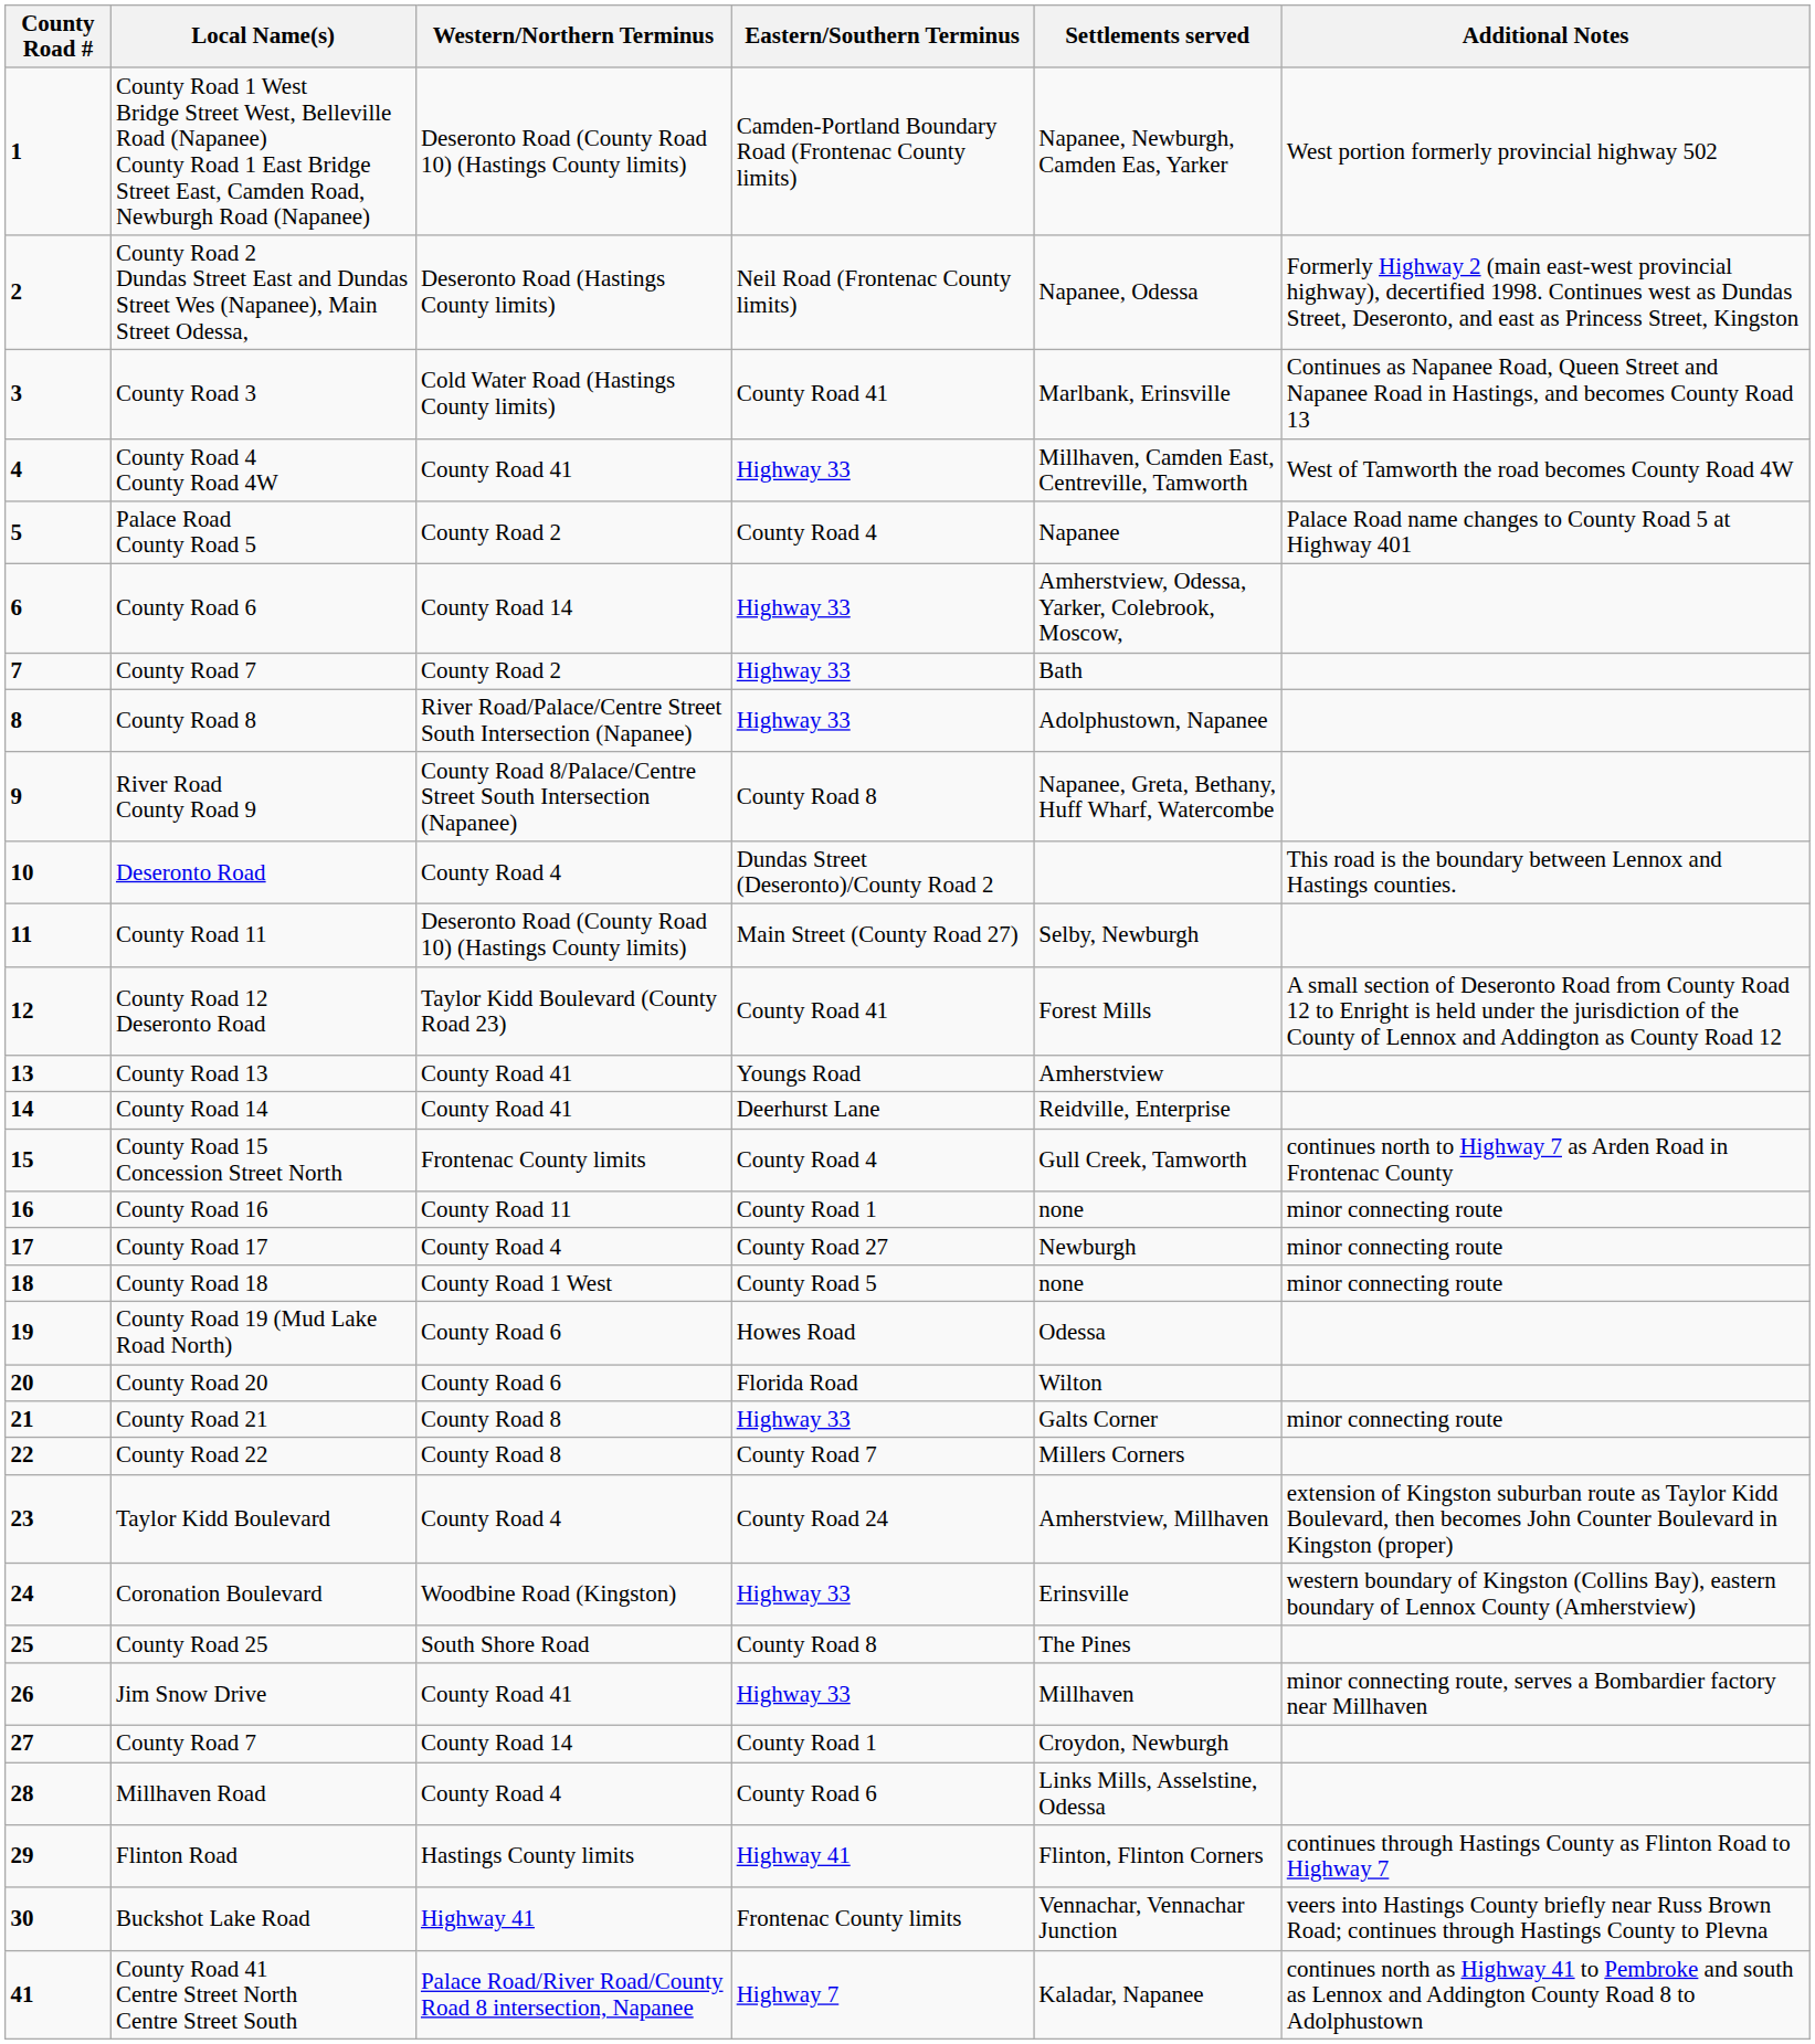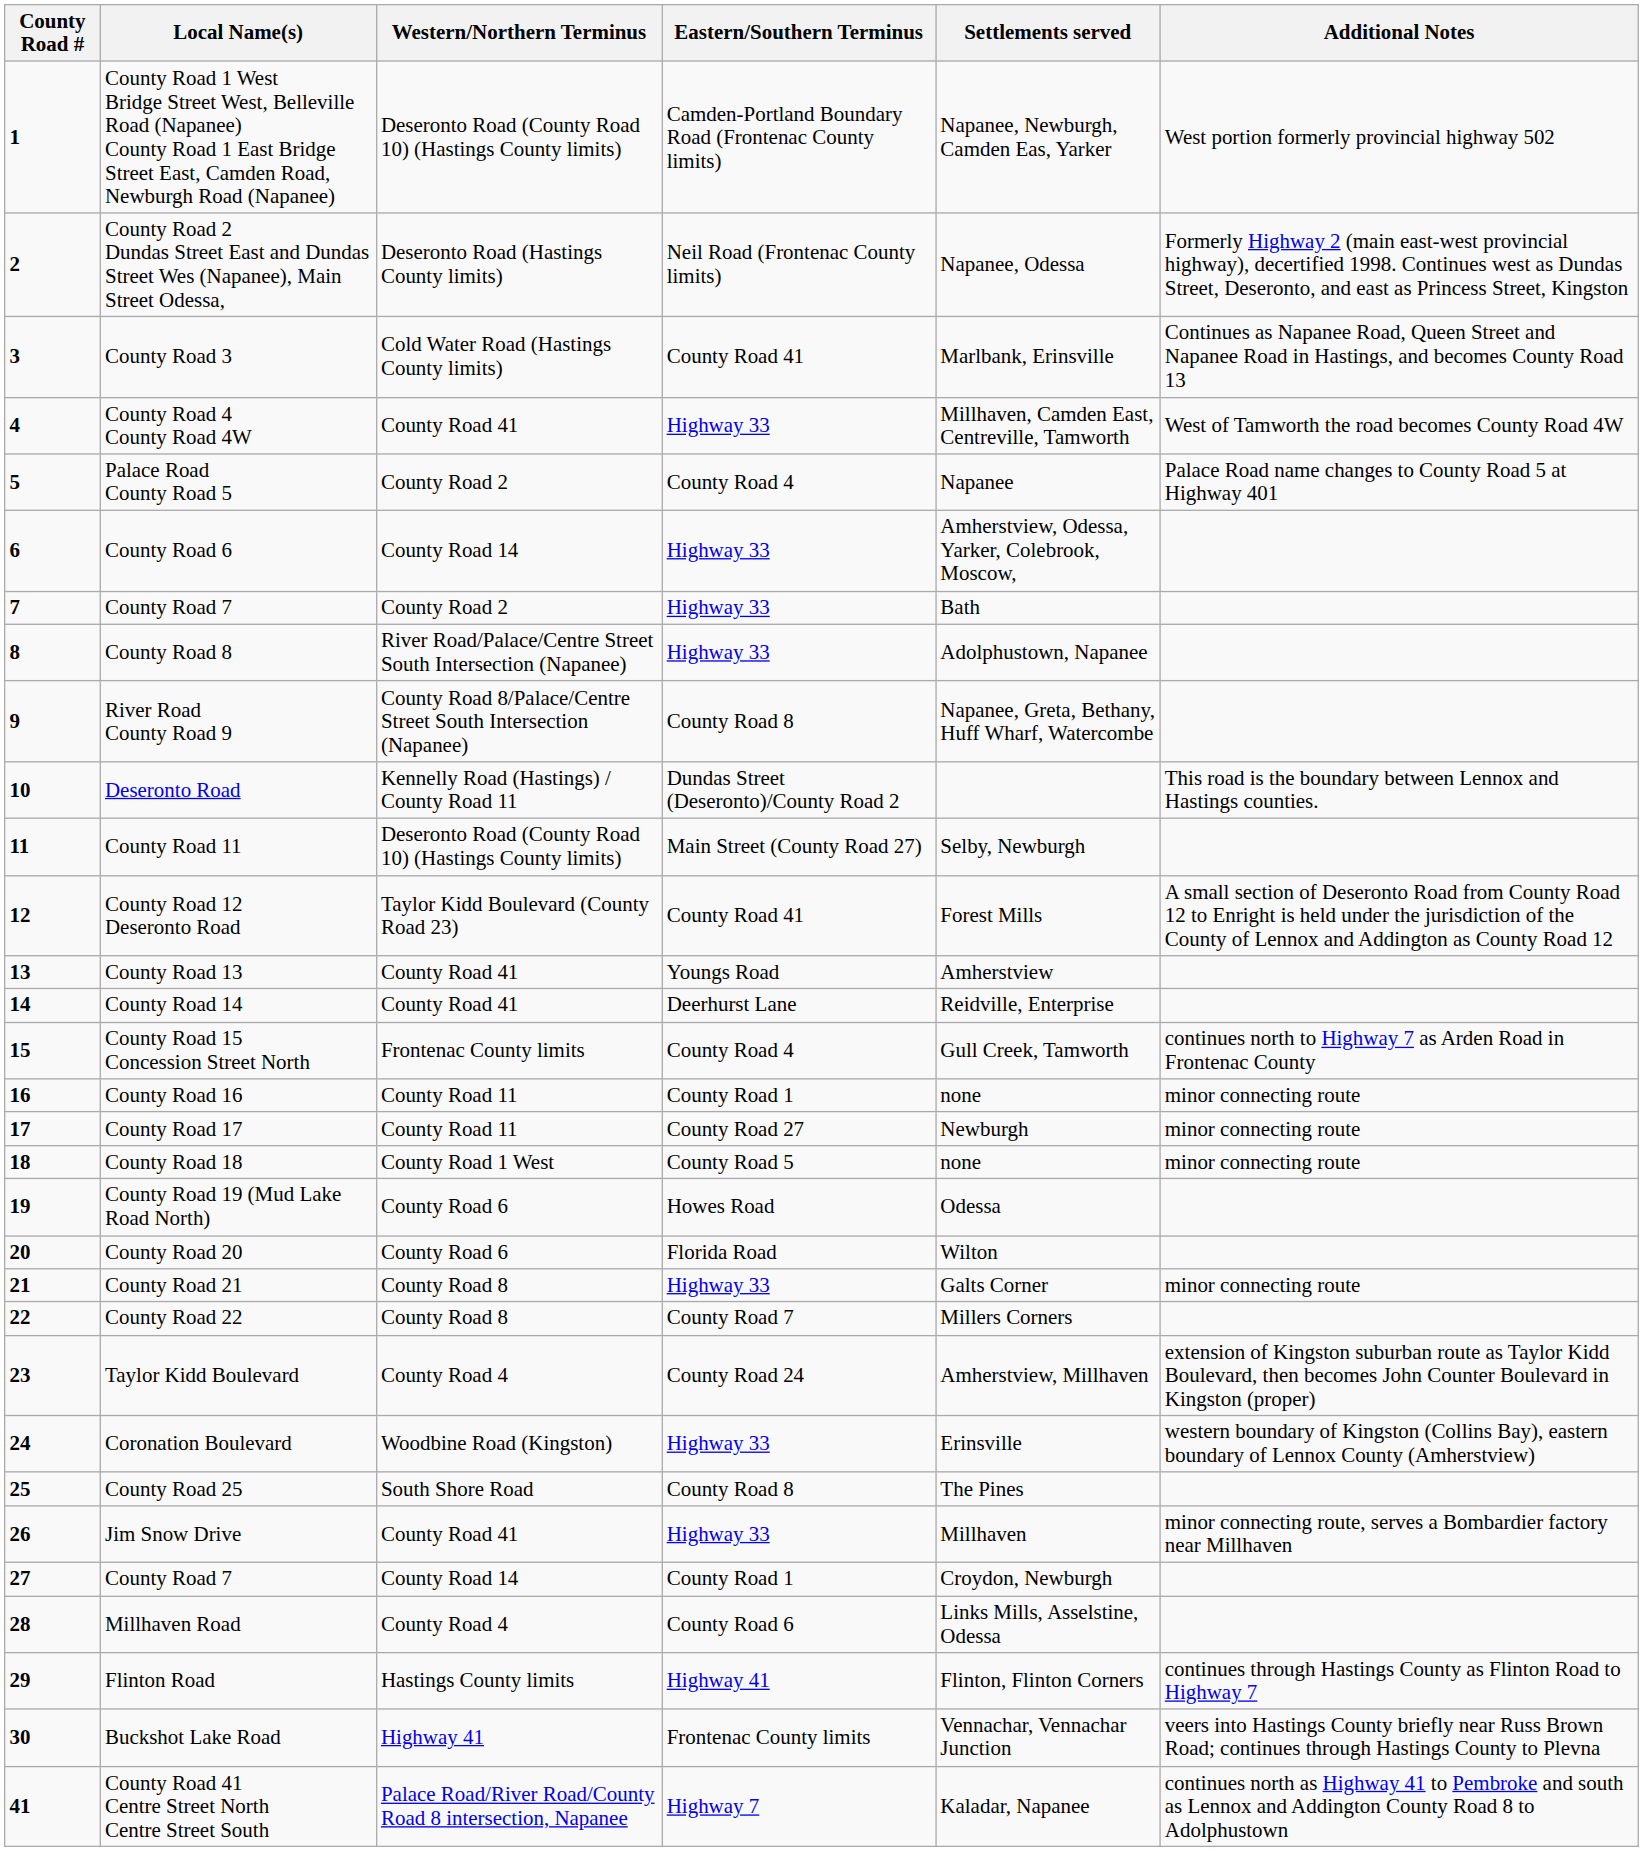 <table class="wikitable">
 <tr>
 <th>County Road #</th>
 <th>Local Name(s)</th>
 <th>Western/Northern Terminus</th>
 <th>Eastern/Southern Terminus</th>
 <th>Settlements served</th>
 <th>Additional Notes</th>
 </tr>
 <tr>
 <td><strong>1</strong></td>
 <td>County Road 1 West<br>Bridge Street West, Belleville Road (Napanee)<br> County Road 1 East Bridge Street East, Camden Road, Newburgh Road (Napanee) <br></td>
 <td>Deseronto Road (County Road 10) (Hastings County limits)</td>
 <td>Camden-Portland Boundary Road (Frontenac County limits)</td>
 <td>Napanee, Newburgh, Camden Eas, Yarker</td>
 <td>West portion formerly provincial highway 502</td>
 </tr>
 <tr>
 <td><strong>2</strong></td>
 <td>County Road 2<br>Dundas Street East and Dundas Street Wes (Napanee), Main Street Odessa,</td>
 <td>Deseronto Road (Hastings County limits)</td>
 <td>Neil Road (Frontenac County limits)</td>
 <td>Napanee, Odessa</td>
 <td>Formerly <a href='#'>Highway 2</a> (main east-west provincial highway), decertified 1998. Continues west as Dundas Street, Deseronto, and east as Princess Street, Kingston</td>
 </tr>
 <tr>
 <td><strong>3</strong></td>
 <td>County Road 3</td>
 <td>Cold Water Road (Hastings County limits)</td>
 <td>County Road 41</td>
 <td>Marlbank, Erinsville</td>
 <td>Continues as Napanee Road, Queen Street and Napanee Road in Hastings, and becomes County Road 13</td>
 </tr>
 <tr>
 <td><strong>4</strong></td>
 <td>County Road 4 <br>County Road 4W</td>
 <td>County Road 41</td>
 <td><a href='#'>Highway 33</a></td>
 <td>Millhaven, Camden East, Centreville, Tamworth</td>
 <td>West of Tamworth the road becomes County Road 4W</td>
 </tr>
 <tr>
 <td><strong>5</strong></td>
 <td>Palace Road <br>County Road 5</td>
 <td>County Road 2</td>
 <td>County Road 4</td>
 <td>Napanee</td>
 <td>Palace Road name changes to County Road 5 at Highway 401</td>
 </tr>
 <tr>
 <td><strong>6</strong></td>
 <td>County Road 6</td>
 <td>County Road 14</td>
 <td><a href='#'>Highway 33</a></td>
 <td>Amherstview, Odessa, Yarker, Colebrook, Moscow,</td>
 <td></td>
 </tr>
 <tr>
 <td><strong>7</strong></td>
 <td>County Road 7</td>
 <td>County Road 2</td>
 <td><a href='#'>Highway 33</a></td>
 <td>Bath</td>
 <td></td>
 </tr>
 <tr>
 <td><strong>8</strong></td>
 <td>County Road 8</td>
 <td>River Road/Palace/Centre Street South Intersection (Napanee)</td>
 <td><a href='#'>Highway 33</a></td>
 <td>Adolphustown, Napanee</td>
 <td></td>
 </tr>
 <tr>
 <td><strong>9</strong></td>
 <td>River Road <br>County Road 9</td>
 <td>County Road 8/Palace/Centre Street South Intersection (Napanee)</td>
 <td>County Road 8</td>
 <td>Napanee, Greta, Bethany, Huff Wharf, Watercombe</td>
 <td></td>
 </tr>
 <tr>
 <td><strong>10</strong></td>
 <td><a href='#'>Deseronto Road</a></td>
-<td>County Road 4</td>
+<td>Kennelly Road (Hastings) / County Road 11</td>
 <td>Dundas Street (Deseronto)/County Road 2</td>
 <td></td>
 <td>This road is the boundary between Lennox and Hastings counties.</td>
 </tr>
 <tr>
 <td><strong>11</strong></td>
 <td>County Road 11</td>
 <td>Deseronto Road (County Road 10) (Hastings County limits)</td>
 <td>Main Street (County Road 27)</td>
 <td>Selby, Newburgh</td>
 <td></td>
 </tr>
 <tr>
 <td><strong>12</strong></td>
 <td>County Road 12<br>Deseronto Road</td>
 <td>Taylor Kidd Boulevard (County Road 23)</td>
 <td>County Road 41</td>
 <td>Forest Mills</td>
 <td>A small section of Deseronto Road from County Road 12 to Enright is held under the jurisdiction of the County of Lennox and Addington as County Road 12</td>
 </tr>
 <tr>
 <td><strong>13</strong></td>
 <td>County Road 13</td>
 <td>County Road 41</td>
 <td>Youngs Road</td>
 <td>Amherstview</td>
 <td></td>
 </tr>
 <tr>
 <td><strong>14</strong></td>
 <td>County Road 14</td>
 <td>County Road 41</td>
 <td>Deerhurst Lane</td>
 <td>Reidville, Enterprise</td>
 <td></td>
 </tr>
 <tr>
 <td><strong>15</strong></td>
 <td>County Road 15<br>Concession Street North</td>
 <td>Frontenac County limits</td>
 <td>County Road 4</td>
 <td>Gull Creek, Tamworth</td>
 <td>continues north to <a href='#'>Highway 7</a> as Arden Road in Frontenac County</td>
 </tr>
 <tr>
 <td><strong>16</strong></td>
 <td>County Road 16</td>
 <td>County Road 11</td>
 <td>County Road 1</td>
 <td>none</td>
 <td>minor connecting route</td>
 </tr>
 <tr>
 <td><strong>17</strong></td>
 <td>County Road 17</td>
-<td>County Road 4</td>
+<td>County Road 11</td>
 <td>County Road 27</td>
 <td>Newburgh</td>
 <td>minor connecting route</td>
 </tr>
 <tr>
 <td><strong>18</strong></td>
 <td>County Road 18</td>
 <td>County Road 1 West</td>
 <td>County Road 5</td>
 <td>none</td>
 <td>minor connecting route</td>
 </tr>
 <tr>
 <td><strong>19</strong></td>
 <td>County Road 19 (Mud Lake Road North)</td>
 <td>County Road 6</td>
 <td>Howes Road</td>
 <td>Odessa</td>
 <td></td>
 </tr>
 <tr>
 <td><strong>20</strong></td>
 <td>County Road 20</td>
 <td>County Road 6</td>
 <td>Florida Road</td>
 <td>Wilton</td>
 <td></td>
 </tr>
 <tr>
 <td><strong>21</strong></td>
 <td>County Road 21</td>
 <td>County Road 8</td>
 <td><a href='#'>Highway 33</a></td>
 <td>Galts Corner</td>
 <td>minor connecting route</td>
 </tr>
 <tr>
 <td><strong>22</strong></td>
 <td>County Road 22</td>
 <td>County Road 8</td>
 <td>County Road 7</td>
 <td>Millers Corners</td>
 <td></td>
 </tr>
 <tr>
 <td><strong>23</strong></td>
 <td>Taylor Kidd Boulevard</td>
 <td>County Road 4</td>
 <td>County Road 24</td>
 <td>Amherstview, Millhaven</td>
 <td>extension of Kingston suburban route as Taylor Kidd Boulevard, then becomes John Counter Boulevard in Kingston (proper)</td>
 </tr>
 <tr>
 <td><strong>24</strong></td>
 <td>Coronation Boulevard</td>
 <td>Woodbine Road (Kingston)</td>
 <td><a href='#'>Highway 33</a></td>
 <td>Erinsville</td>
 <td>western boundary of Kingston (Collins Bay), eastern boundary of Lennox County (Amherstview)</td>
 </tr>
 <tr>
 <td><strong>25</strong></td>
 <td>County Road 25</td>
 <td>South Shore Road</td>
 <td>County Road 8</td>
 <td>The Pines</td>
 <td></td>
 </tr>
 <tr>
 <td><strong>26</strong></td>
 <td>Jim Snow Drive</td>
 <td>County Road 41</td>
 <td><a href='#'>Highway 33</a></td>
 <td>Millhaven</td>
 <td>minor connecting route, serves a Bombardier factory near Millhaven</td>
 </tr>
 <tr>
 <td><strong>27</strong></td>
 <td>County Road 7</td>
 <td>County Road 14</td>
 <td>County Road 1</td>
 <td>Croydon, Newburgh</td>
 <td></td>
 </tr>
 <tr>
 <td><strong>28</strong></td>
 <td>Millhaven Road</td>
 <td>County Road 4</td>
 <td>County Road 6</td>
 <td>Links Mills, Asselstine, Odessa</td>
 <td></td>
 </tr>
 <tr>
 <td><strong>29</strong></td>
 <td>Flinton Road</td>
 <td>Hastings County limits</td>
 <td><a href='#'>Highway 41</a></td>
 <td>Flinton, Flinton Corners</td>
 <td>continues through Hastings County as Flinton Road to <a href='#'>Highway 7</a></td>
 </tr>
 <tr>
 <td><strong>30</strong></td>
 <td>Buckshot Lake Road</td>
 <td><a href='#'>Highway 41</a></td>
 <td>Frontenac County limits</td>
 <td>Vennachar, Vennachar Junction</td>
 <td>veers into Hastings County briefly near Russ Brown Road; continues through Hastings County to Plevna</td>
 </tr>
 <tr>
 <td><strong>41</strong></td>
 <td>County Road 41 <br>Centre Street North<br>Centre Street South</td>
 <td><a href='#'>Palace Road/River Road/County Road 8 intersection, Napanee</a></td>
 <td><a href='#'>Highway 7</a></td>
 <td>Kaladar, Napanee</td>
 <td>continues north as <a href='#'>Highway 41</a> to <a href='#'>Pembroke</a> and south as Lennox and Addington County Road 8 to Adolphustown</td>
 </tr>
 <tr>
 </tr>
 </table>
